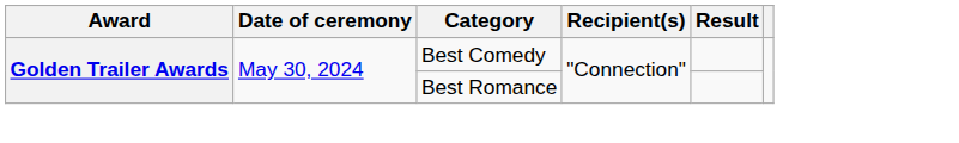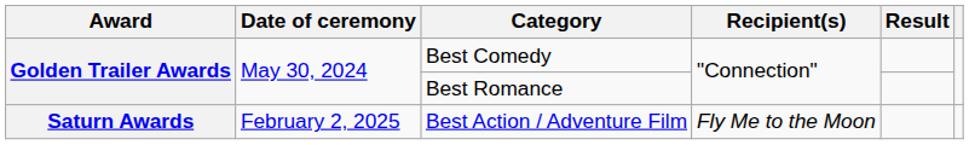 <table class="wikitable sortable plainrowheaders">
 <tr>
 <th scope="col">Award</th>
 <th scope="col">Date of ceremony</th>
 <th scope="col">Category</th>
 <th scope="col">Recipient(s)</th>
 <th scope="col">Result</th>
 <th class="unsortable" scope="col"></th>
 </tr>
 <tr>
 <th rowspan="2" scope="row"><a href='#'>Golden Trailer Awards</a></th>
 <td rowspan="2"><a href='#'>May 30, 2024</a></td>
 <td>Best Comedy</td>
 <td rowspan="2">"Connection"</td>
 <td></td>
 <td rowspan="2"></td>
 </tr>
 <tr>
 <td>Best Romance</td>
 <td></td>
 </tr>
+<tr>
+<th scope="row"><a href='#'>Saturn Awards</a></th>
+<td><a href='#'>February 2, 2025</a></td>
+<td><a href='#'>Best Action / Adventure Film</a></td>
+<td><em>Fly Me to the Moon</em></td>
+<td></td>
+<td align="center"></td>
+</tr>
 </table>
